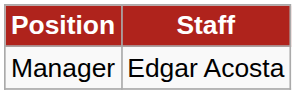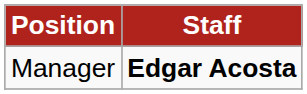 <table class="wikitable">
 <tr>
 <th style=background-color:#AF231C;color:#FFFFFF>Position</th>
 <th style=background-color:#AF231C;color:#FFFFFF>Staff</th>
 </tr>
 <tr>
 <td>Manager</td>
-<td> Edgar Acosta</td>
+<td><strong> Edgar Acosta</strong></td>
 </tr>
 </table>
